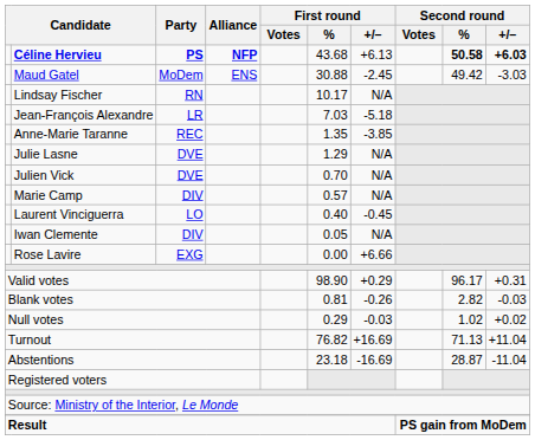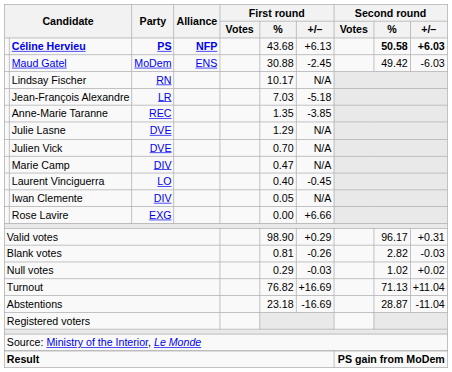 <table class="wikitable" style="text-align:right;font-size:95%;">
 <tr>
 <th rowspan="2" colspan="2">Candidate</th>
 <th rowspan="2">Party</th>
 <th rowspan="2">Alliance</th>
 <th colspan="3">First round</th>
 <th colspan="3">Second round</th>
 </tr>
 <tr>
 <th style="width:50px;">Votes</th>
 <th style="width:45px;">%</th>
 <th style="width:45px;">+/–</th>
 <th style="width:50px;">Votes</th>
 <th style="width:45px;">%</th>
 <th style="width:45px;">+/–</th>
 </tr>
 <tr>
 <td style="color:inherit;background:"></td>
 <td style="text-align:left;"><strong><a href='#'>Céline Hervieu</a></strong></td>
 <td><a href='#'><strong>PS</strong></a></td>
 <td><a href='#'><strong>NFP</strong></a></td>
 <td></td>
 <td>43.68</td>
 <td>+6.13</td>
 <td><strong></strong></td>
 <td><strong>50.58</strong></td>
 <td><strong>+6.03</strong></td>
 </tr>
 <tr>
 <td style="color:inherit;background:"></td>
 <td style="text-align:left;"><a href='#'>Maud Gatel</a></td>
 <td><a href='#'>MoDem</a></td>
 <td><a href='#'>ENS</a></td>
 <td></td>
 <td>30.88</td>
 <td>-2.45</td>
 <td></td>
 <td>49.42</td>
-<td>-3.03</td>
+<td>-6.03</td>
 </tr>
 <tr>
 <td style="color:inherit;background:"></td>
 <td style="text-align:left;">Lindsay Fischer</td>
 <td><a href='#'>RN</a></td>
 <td></td>
 <td></td>
 <td>10.17</td>
 <td>N/A</td>
 <td colspan="3" style="background:#E9E9E9;"></td>
 </tr>
 <tr>
 <td style="color:inherit;background:"></td>
 <td style="text-align:left;">Jean-François Alexandre</td>
 <td><a href='#'>LR</a></td>
 <td></td>
 <td></td>
 <td>7.03</td>
 <td>-5.18</td>
 <td colspan="3" style="background:#E9E9E9;"></td>
 </tr>
 <tr>
 <td style="color:inherit;background:"></td>
 <td style="text-align:left;">Anne-Marie Taranne</td>
 <td><a href='#'>REC</a></td>
 <td></td>
 <td></td>
 <td>1.35</td>
 <td>-3.85</td>
 <td colspan="3" style="background:#E9E9E9;"></td>
 </tr>
 <tr>
 <td style="color:inherit;background:"></td>
 <td style="text-align:left;">Julie Lasne</td>
 <td><a href='#'>DVE</a></td>
 <td></td>
 <td></td>
 <td>1.29</td>
 <td>N/A</td>
 <td colspan="3" style="background:#E9E9E9;"></td>
 </tr>
 <tr>
 <td style="color:inherit;background:"></td>
 <td style="text-align:left;">Julien Vick</td>
 <td><a href='#'>DVE</a></td>
 <td></td>
 <td></td>
 <td>0.70</td>
 <td>N/A</td>
 <td colspan="3" style="background:#E9E9E9;"></td>
 </tr>
 <tr>
 <td style="color:inherit;background:"></td>
 <td style="text-align:left;">Marie Camp</td>
 <td><a href='#'>DIV</a></td>
 <td></td>
 <td></td>
-<td>0.57</td>
+<td>0.47</td>
 <td>N/A</td>
 <td colspan="3" style="background:#E9E9E9;"></td>
 </tr>
 <tr>
 <td style="color:inherit;background:"></td>
 <td style="text-align:left;">Laurent Vinciguerra</td>
 <td><a href='#'>LO</a></td>
 <td></td>
 <td></td>
 <td>0.40</td>
 <td>-0.45</td>
 <td colspan="3" style="background:#E9E9E9;"></td>
 </tr>
 <tr>
 <td style="color:inherit;background:"></td>
 <td style="text-align:left;">Iwan Clemente</td>
 <td><a href='#'>DIV</a></td>
 <td></td>
 <td></td>
 <td>0.05</td>
 <td>N/A</td>
 <td colspan="3" style="background:#E9E9E9;"></td>
 </tr>
 <tr>
 <td style="color:inherit;background:"></td>
 <td style="text-align:left;">Rose Lavire</td>
 <td><a href='#'>EXG</a></td>
 <td></td>
 <td></td>
 <td>0.00</td>
 <td>+6.66</td>
 <td colspan="3" style="background:#E9E9E9;"></td>
 </tr>
 <tr>
 <td colspan="10" style="background:#E9E9E9;"></td>
 </tr>
 <tr>
 <td colspan="4" style="text-align:left;">Valid votes</td>
 <td></td>
 <td>98.90</td>
 <td>+0.29</td>
 <td></td>
 <td>96.17</td>
 <td>+0.31</td>
 </tr>
 <tr>
 <td colspan="4" style="text-align:left;">Blank votes</td>
 <td></td>
 <td>0.81</td>
 <td>-0.26</td>
 <td></td>
 <td>2.82</td>
 <td>-0.03</td>
 </tr>
 <tr>
 <td colspan="4" style="text-align:left;">Null votes</td>
 <td></td>
 <td>0.29</td>
 <td>-0.03</td>
 <td></td>
 <td>1.02</td>
 <td>+0.02</td>
 </tr>
 <tr>
 <td colspan="4" style="text-align:left;">Turnout</td>
 <td></td>
 <td>76.82</td>
 <td>+16.69</td>
 <td></td>
 <td>71.13</td>
 <td>+11.04</td>
 </tr>
 <tr>
 <td colspan="4" style="text-align:left;">Abstentions</td>
 <td></td>
 <td>23.18</td>
 <td>-16.69</td>
 <td></td>
 <td>28.87</td>
 <td>-11.04</td>
 </tr>
 <tr>
 <td colspan="4" style="text-align:left;">Registered voters</td>
 <td></td>
 <td colspan="2" style="background:#E9E9E9;"></td>
 <td></td>
 <td colspan="2" style="background:#E9E9E9;"></td>
 </tr>
 <tr>
 <td colspan="10" style="background:#E9E9E9;"></td>
 </tr>
 <tr>
 <td colspan="10" style="text-align:left;">Source: <a href='#'>Ministry of the Interior</a>, <em><a href='#'>Le Monde</a></em></td>
 </tr>
 <tr>
 </tr>
 <tr style="font-weight:bold">
 <td colspan="7" style="text-align:left;">Result</td>
 <td colspan="7" style="background-color:">PS gain from MoDem</td>
 </tr>
 </table>
